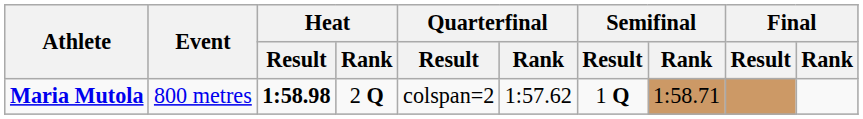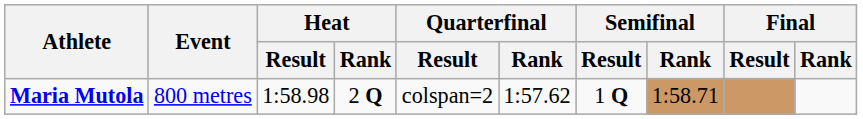 <table class=wikitable style=font-size:90%>
 <tr>
 <th rowspan="2">Athlete</th>
 <th rowspan="2">Event</th>
 <th colspan="2">Heat</th>
 <th colspan="2">Quarterfinal</th>
 <th colspan="2">Semifinal</th>
 <th colspan="2">Final</th>
 </tr>
 <tr>
 <th>Result</th>
 <th>Rank</th>
 <th>Result</th>
 <th>Rank</th>
 <th>Result</th>
 <th>Rank</th>
 <th>Result</th>
 <th>Rank</th>
 </tr>
 <tr>
 <td><strong><a href='#'>Maria Mutola</a></strong></td>
 <td><a href='#'>800 metres</a></td>
-<td align=center><strong>1:58.98</strong></td>
+<td align=center>1:58.98</td>
 <td align=center>2 <strong>Q</strong></td>
 <td>colspan=2 </td>
 <td align=center>1:57.62</td>
 <td align=center>1 <strong>Q</strong></td>
 <td align="center" bgcolor='cc9966'>1:58.71</td>
 <td align="center" bgcolor='cc9966'></td>
 </tr>
 </table>
